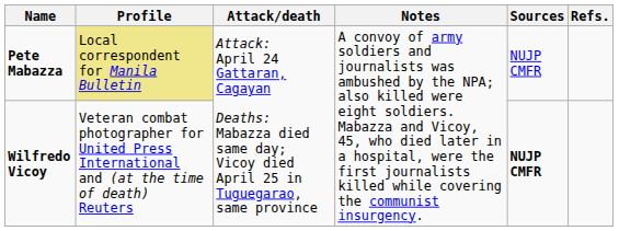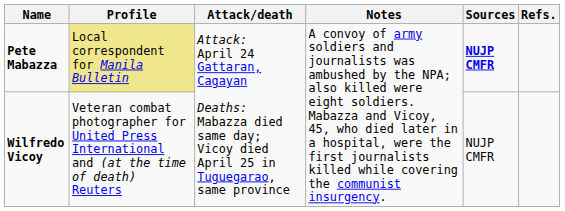 <table class="wikitable">
 <tr>
 <th>Name</th>
 <th>Profile</th>
 <th>Attack/death</th>
 <th>Notes</th>
 <th>Sources</th>
 <th>Refs.</th>
 </tr>
 <tr>
 <td><strong>Pete Mabazza</strong></td>
 <td style="background: khaki;">Local correspondent for <em><a href='#'>Manila Bulletin</a></em></td>
 <td rowspan="2"><em>Attack:</em><br>April 24<br><a href='#'>Gattaran, Cagayan</a><br><br><em>Deaths:</em><br>Mabazza died same day; Vicoy died April 25 in <a href='#'>Tuguegarao</a>, same province</td>
 <td rowspan="2">A convoy of <a href='#'>army</a> soldiers and journalists was ambushed by the NPA; also killed were eight soldiers. Mabazza and Vicoy, 45, who died later in a hospital, were the first journalists killed while covering the <a href='#'>communist insurgency</a>.</td>
-<td><a href='#'>NUJP</a><br><a href='#'>CMFR</a></td>
+<td><strong><a href='#'>NUJP</a><br><a href='#'>CMFR</a></strong></td>
 <td><br><br></td>
 </tr>
 <tr>
 <td><strong>Wilfredo Vicoy</strong></td>
 <td>Veteran combat photographer for <a href='#'>United Press International</a> and <em>(at the time of death)</em> <a href='#'>Reuters</a></td>
-<td><strong>NUJP<br>CMFR</strong></td>
+<td>NUJP<br>CMFR</td>
 <td><br></td>
 </tr>
 </table>
